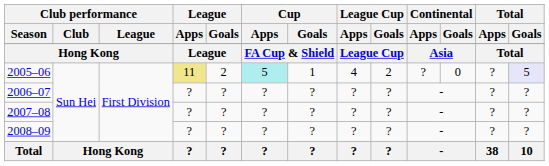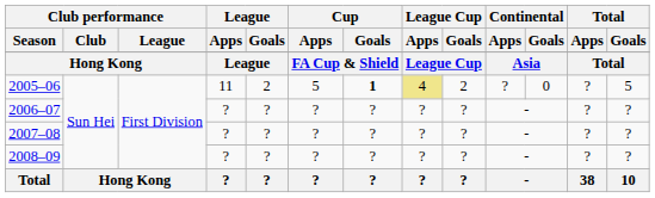 <table class="wikitable" style="text-align:center">
 <tr>
 <th colspan=3>Club performance</th>
 <th colspan=2>League</th>
 <th colspan=2>Cup</th>
 <th colspan=2>League Cup</th>
 <th colspan=2>Continental</th>
 <th colspan=2>Total</th>
 </tr>
 <tr>
 <th>Season</th>
 <th>Club</th>
 <th>League</th>
 <th>Apps</th>
 <th>Goals</th>
 <th>Apps</th>
 <th>Goals</th>
 <th>Apps</th>
 <th>Goals</th>
 <th>Apps</th>
 <th>Goals</th>
 <th>Apps</th>
 <th>Goals</th>
 </tr>
 <tr>
 </tr>
 <tr>
 <th colspan=3>Hong Kong</th>
 <th colspan=2>League</th>
 <th colspan=2><a href='#'>FA Cup</a> & <a href='#'>Shield</a></th>
 <th colspan=2><a href='#'>League Cup</a></th>
 <th colspan=2><a href='#'>Asia</a></th>
 <th colspan=2>Total</th>
 </tr>
 <tr>
 <td><a href='#'>2005–06</a></td>
 <td rowspan=4><a href='#'>Sun Hei</a></td>
 <td rowspan=4><a href='#'>First Division</a></td>
-<td style="background: khaki;">11</td>
+<td>11</td>
 <td>2</td>
-<td style="background: paleturquoise;">5</td>
-<td>1</td>
-<td>4</td>
+<td>5</td>
+<td><strong>1</strong></td>
+<td style="background: khaki;">4</td>
 <td>2</td>
 <td>?</td>
 <td>0</td>
 <td>?</td>
-<td style="background: lavender;">5</td>
+<td>5</td>
 </tr>
 <tr>
 <td><a href='#'>2006–07</a></td>
 <td>?</td>
 <td>?</td>
 <td>?</td>
 <td>?</td>
 <td>?</td>
 <td>?</td>
 <td colspan=2>-</td>
 <td>?</td>
 <td>?</td>
 </tr>
 <tr>
 <td><a href='#'>2007–08</a></td>
 <td>?</td>
 <td>?</td>
 <td>?</td>
 <td>?</td>
 <td>?</td>
 <td>?</td>
 <td colspan=2>-</td>
 <td>?</td>
 <td>?</td>
 </tr>
 <tr>
 <td><a href='#'>2008–09</a></td>
 <td>?</td>
 <td>?</td>
 <td>?</td>
 <td>?</td>
 <td>?</td>
 <td>?</td>
 <td colspan=2>-</td>
 <td>?</td>
 <td>?</td>
 </tr>
 <tr>
 <th rowspan=1>Total</th>
 <th colspan=2>Hong Kong</th>
 <th>?</th>
 <th>?</th>
 <th>?</th>
 <th>?</th>
 <th>?</th>
 <th>?</th>
 <th colspan=2>-</th>
 <th>38</th>
 <th>10</th>
 </tr>
 </table>
